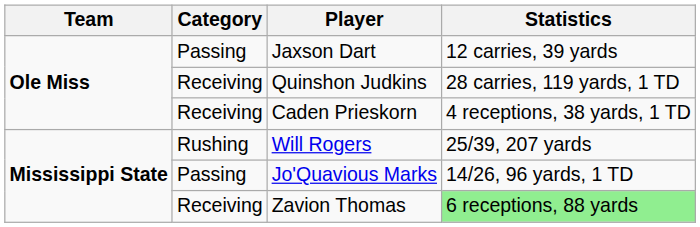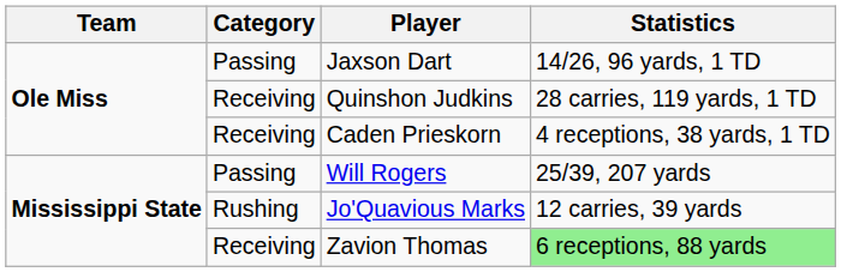 <table class="wikitable" style="float: right;">
 <tr>
 <th>Team</th>
 <th>Category</th>
 <th>Player</th>
 <th>Statistics</th>
 </tr>
 <tr>
 <td rowspan=3><strong>Ole Miss</strong></td>
 <td>Passing</td>
 <td>Jaxson Dart</td>
-<td>12 carries, 39 yards</td>
+<td>14/26, 96 yards, 1 TD</td>
 </tr>
 <tr>
 <td>Receiving</td>
 <td>Quinshon Judkins</td>
 <td>28 carries, 119 yards, 1 TD</td>
 </tr>
 <tr>
 <td>Receiving</td>
 <td>Caden Prieskorn</td>
 <td>4 receptions, 38 yards, 1 TD</td>
 </tr>
 <tr>
 <td rowspan=3><strong>Mississippi State</strong></td>
-<td>Rushing</td>
+<td>Passing</td>
 <td><a href='#'>Will Rogers</a></td>
 <td>25/39, 207 yards</td>
 </tr>
 <tr>
-<td>Passing</td>
+<td>Rushing</td>
 <td><a href='#'>Jo'Quavious Marks</a></td>
-<td>14/26, 96 yards, 1 TD</td>
+<td>12 carries, 39 yards</td>
 </tr>
 <tr>
 <td>Receiving</td>
 <td>Zavion Thomas</td>
 <td style="background: lightgreen;">6 receptions, 88 yards</td>
 </tr>
 </table>
